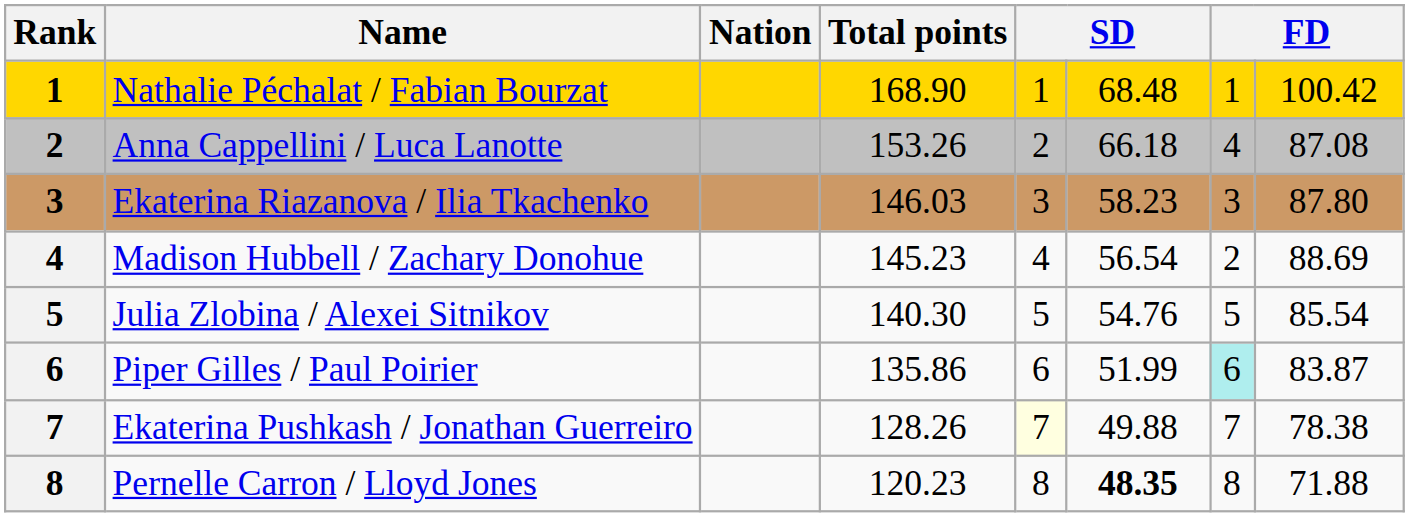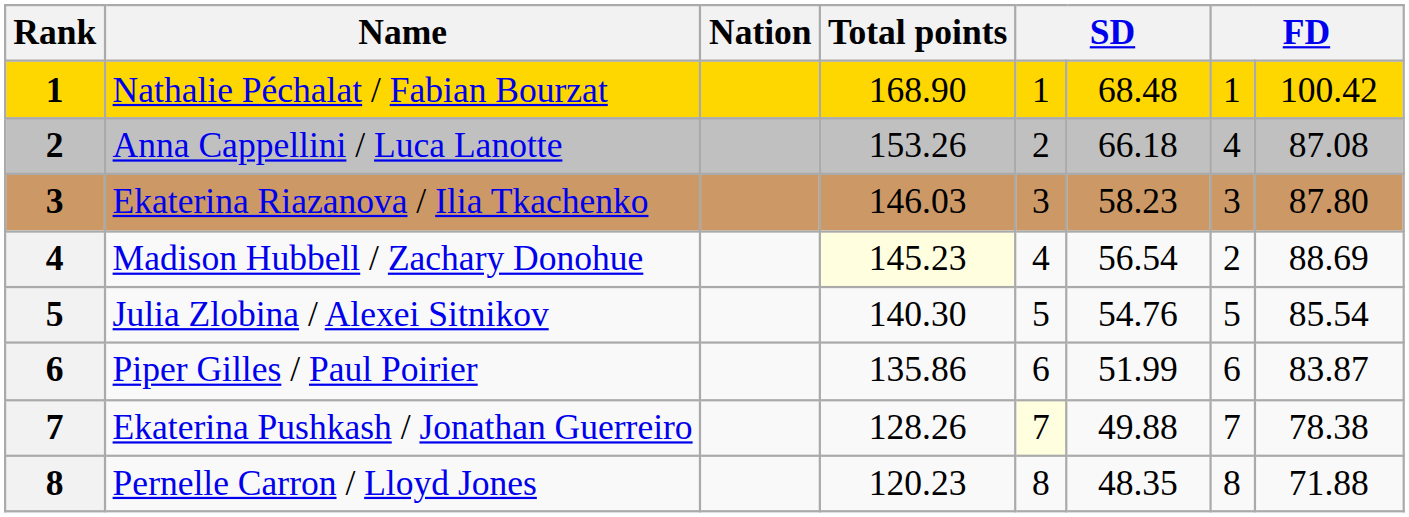 <table class="wikitable sortable">
 <tr>
 <th>Rank</th>
 <th>Name</th>
 <th>Nation</th>
 <th>Total points</th>
 <th colspan="2" width="80px"><a href='#'>SD</a></th>
 <th colspan="2" width="80px"><a href='#'>FD</a></th>
 </tr>
 <tr bgcolor="gold">
 <td align="center"><strong>1</strong></td>
 <td><a href='#'>Nathalie Péchalat</a> / <a href='#'>Fabian Bourzat</a></td>
 <td></td>
 <td align="center">168.90</td>
 <td align="center">1</td>
 <td align="center">68.48</td>
 <td align="center">1</td>
 <td align="center">100.42</td>
 </tr>
 <tr bgcolor="silver">
 <td align="center"><strong>2</strong></td>
 <td><a href='#'>Anna Cappellini</a> / <a href='#'>Luca Lanotte</a></td>
 <td></td>
 <td align="center">153.26</td>
 <td align="center">2</td>
 <td align="center">66.18</td>
 <td align="center">4</td>
 <td align="center">87.08</td>
 </tr>
 <tr bgcolor="cc9966">
 <td align="center"><strong>3</strong></td>
 <td><a href='#'>Ekaterina Riazanova</a> / <a href='#'>Ilia Tkachenko</a></td>
 <td></td>
 <td align="center">146.03</td>
 <td align="center">3</td>
 <td align="center">58.23</td>
 <td align="center">3</td>
 <td align="center">87.80</td>
 </tr>
 <tr>
 <th>4</th>
 <td><a href='#'>Madison Hubbell</a> / <a href='#'>Zachary Donohue</a></td>
 <td></td>
-<td align="center">145.23</td>
+<td align="center" style="background: lightyellow;">145.23</td>
 <td align="center">4</td>
 <td align="center">56.54</td>
 <td align="center">2</td>
 <td align="center">88.69</td>
 </tr>
 <tr>
 <th>5</th>
 <td><a href='#'>Julia Zlobina</a> / <a href='#'>Alexei Sitnikov</a></td>
 <td></td>
 <td align="center">140.30</td>
 <td align="center">5</td>
 <td align="center">54.76</td>
 <td align="center">5</td>
 <td align="center">85.54</td>
 </tr>
 <tr>
 <th>6</th>
 <td><a href='#'>Piper Gilles</a> / <a href='#'>Paul Poirier</a></td>
 <td></td>
 <td align="center">135.86</td>
 <td align="center">6</td>
 <td align="center">51.99</td>
-<td align="center" style="background: paleturquoise;">6</td>
+<td align="center">6</td>
 <td align="center">83.87</td>
 </tr>
 <tr>
 <th>7</th>
 <td><a href='#'>Ekaterina Pushkash</a> / <a href='#'>Jonathan Guerreiro</a></td>
 <td></td>
 <td align="center">128.26</td>
 <td align="center" style="background: lightyellow;">7</td>
 <td align="center">49.88</td>
 <td align="center">7</td>
 <td align="center">78.38</td>
 </tr>
 <tr>
 <th>8</th>
 <td><a href='#'>Pernelle Carron</a> / <a href='#'>Lloyd Jones</a></td>
 <td></td>
 <td align="center">120.23</td>
 <td align="center">8</td>
-<td align="center"><strong>48.35</strong></td>
+<td align="center">48.35</td>
 <td align="center">8</td>
 <td align="center">71.88</td>
 </tr>
 </table>
